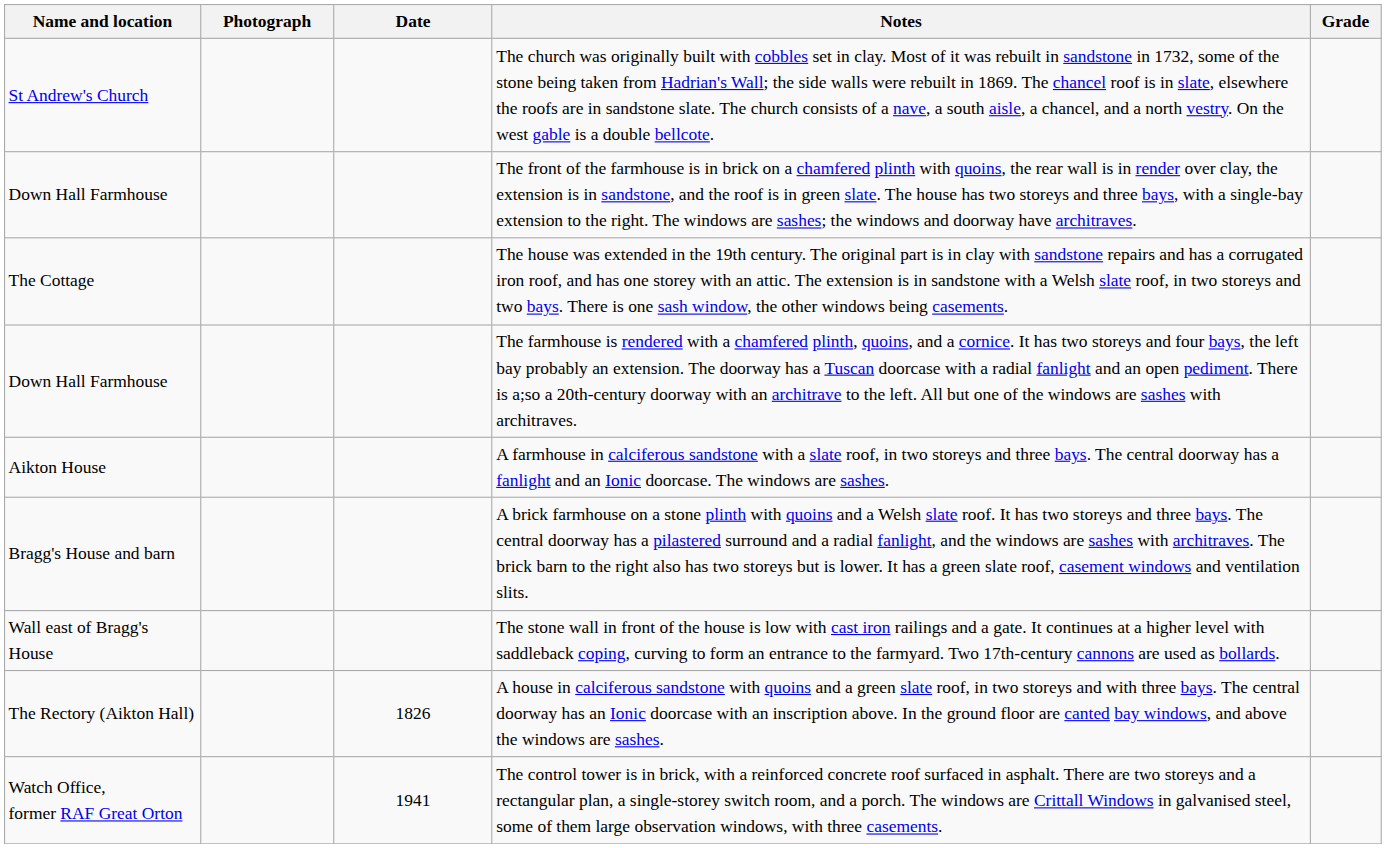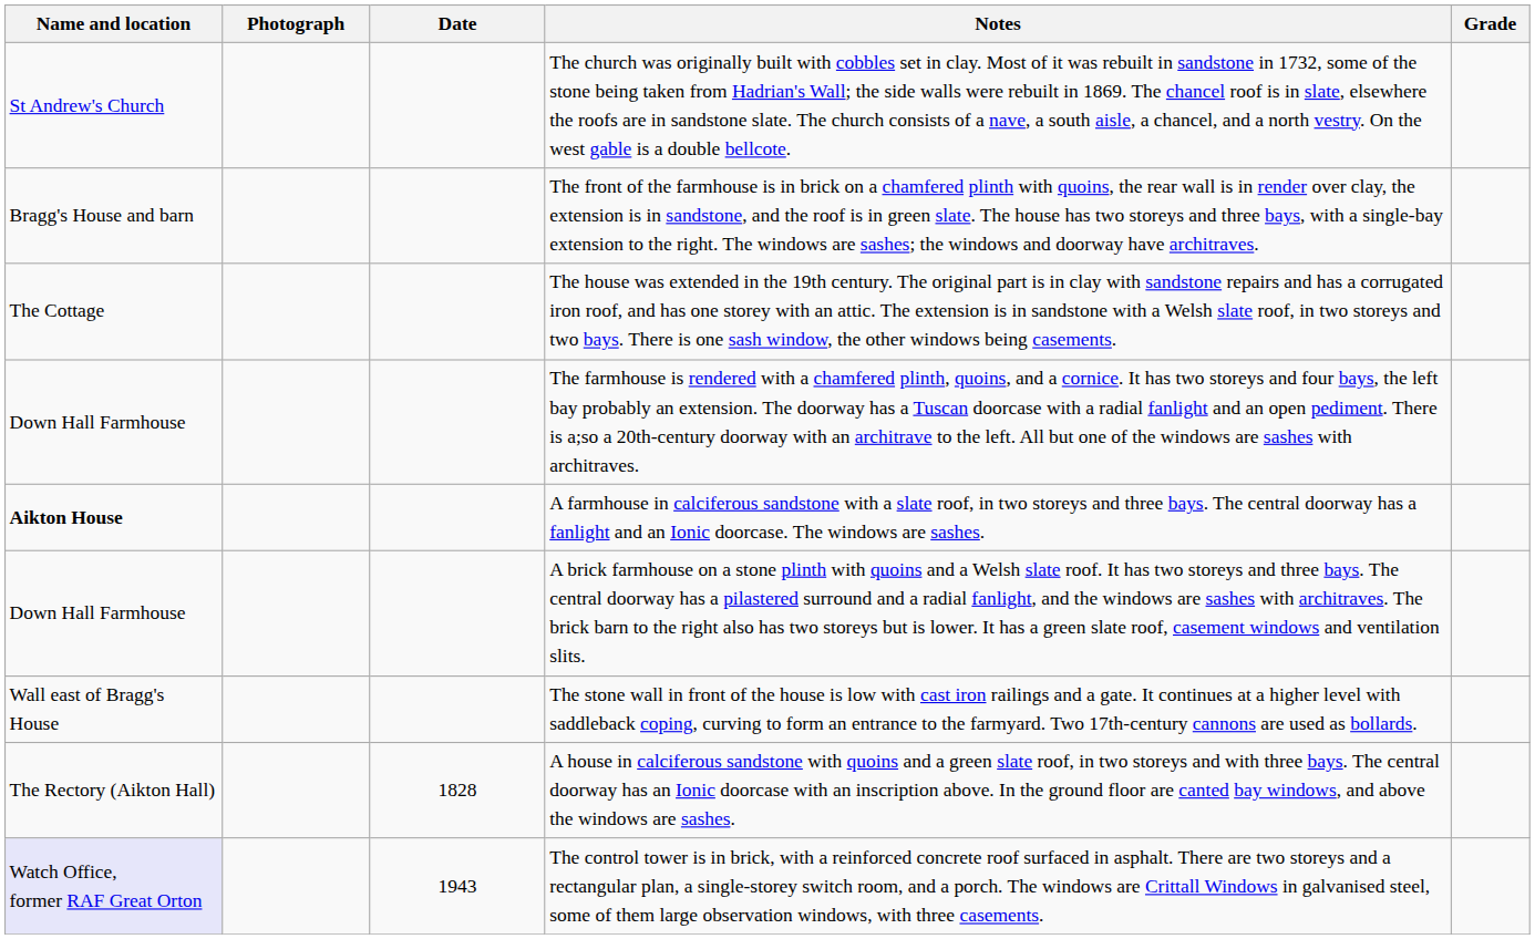 <table class="wikitable sortable plainrowheaders" style="width:100%;border:0px;text-align:left;line-height:150%;">
 <tr>
 <th scope="col"  style="width:150px">Name and location</th>
 <th scope="col"  style="width:100px" class="unsortable">Photograph</th>
 <th scope="col"  style="width:120px">Date</th>
 <th scope="col"  style="width:650px" class="unsortable">Notes</th>
 <th scope="col"  style="width:50px">Grade</th>
 </tr>
 <tr>
 <td><a href='#'>St Andrew's Church</a><br><small></small></td>
 <td></td>
 <td align="center"></td>
 <td>The church was originally built with <a href='#'>cobbles</a> set in clay.  Most of it was rebuilt in <a href='#'>sandstone</a> in 1732, some of the stone being taken from <a href='#'>Hadrian's Wall</a>; the side walls were rebuilt in 1869.  The <a href='#'>chancel</a> roof is in <a href='#'>slate</a>, elsewhere the roofs are in sandstone slate.  The church consists of a <a href='#'>nave</a>, a south <a href='#'>aisle</a>, a chancel, and a north <a href='#'>vestry</a>.  On the west <a href='#'>gable</a> is a double <a href='#'>bellcote</a>.</td>
 <td align="center" ></td>
 </tr>
 <tr>
-<td>Down Hall Farmhouse<br><small></small></td>
+<td>Bragg's House and barn<br><small></small></td>
 <td></td>
 <td align="center"></td>
 <td>The front of the farmhouse is in brick on a <a href='#'>chamfered</a> <a href='#'>plinth</a> with <a href='#'>quoins</a>, the rear wall is in <a href='#'>render</a> over clay, the extension is in <a href='#'>sandstone</a>, and the roof is in green <a href='#'>slate</a>.  The house has two storeys and three <a href='#'>bays</a>, with a single-bay extension to the right.  The windows are <a href='#'>sashes</a>; the windows and doorway have <a href='#'>architraves</a>.</td>
 <td align="center" ></td>
 </tr>
 <tr>
 <td>The Cottage<br><small></small></td>
 <td></td>
 <td align="center"></td>
 <td>The house was extended in the 19th century.  The original part is in clay with <a href='#'>sandstone</a> repairs and has a corrugated iron roof, and has one storey with an attic.  The extension is in sandstone with a Welsh <a href='#'>slate</a> roof, in two storeys and two <a href='#'>bays</a>.  There is one <a href='#'>sash window</a>, the other windows being <a href='#'>casements</a>.</td>
 <td align="center" ></td>
 </tr>
 <tr>
 <td>Down Hall Farmhouse<br><small></small></td>
 <td></td>
 <td align="center"></td>
 <td>The farmhouse is <a href='#'>rendered</a> with a  <a href='#'>chamfered</a> <a href='#'>plinth</a>, <a href='#'>quoins</a>, and a <a href='#'>cornice</a>. It has two storeys and four <a href='#'>bays</a>, the left bay probably an extension.  The doorway has a <a href='#'>Tuscan</a> doorcase with a radial <a href='#'>fanlight</a> and an open <a href='#'>pediment</a>.  There is a;so a 20th-century doorway with an <a href='#'>architrave</a> to the left.  All but one of the windows are <a href='#'>sashes</a> with architraves.</td>
 <td align="center" ></td>
 </tr>
 <tr>
-<td>Aikton House<br><small></small></td>
+<td><strong>Aikton House<br><small></small></strong></td>
 <td></td>
 <td align="center"></td>
 <td>A farmhouse in <a href='#'>calciferous sandstone</a> with a <a href='#'>slate</a> roof, in two storeys and three <a href='#'>bays</a>.  The central doorway has a <a href='#'>fanlight</a> and an <a href='#'>Ionic</a> doorcase.  The windows are <a href='#'>sashes</a>.</td>
 <td align="center" ></td>
 </tr>
 <tr>
-<td>Bragg's House and barn<br><small></small></td>
+<td>Down Hall Farmhouse<br><small></small></td>
 <td></td>
 <td align="center"></td>
 <td>A brick farmhouse on a stone <a href='#'>plinth</a> with <a href='#'>quoins</a> and a Welsh <a href='#'>slate</a> roof.  It has two storeys and three <a href='#'>bays</a>.  The central doorway has a <a href='#'>pilastered</a> surround and a radial <a href='#'>fanlight</a>, and the windows are <a href='#'>sashes</a> with <a href='#'>architraves</a>.  The brick barn to the right also has two storeys but is lower.  It has a green slate roof, <a href='#'>casement windows</a> and ventilation slits.</td>
 <td align="center" ></td>
 </tr>
 <tr>
 <td>Wall east of Bragg's House<br><small></small></td>
 <td></td>
 <td align="center"></td>
 <td>The stone wall in front of the house is low with <a href='#'>cast iron</a> railings and a gate.  It continues at a higher level with saddleback <a href='#'>coping</a>, curving to form an entrance to the farmyard.  Two 17th-century <a href='#'>cannons</a> are used as <a href='#'>bollards</a>.</td>
 <td align="center" ></td>
 </tr>
 <tr>
 <td>The Rectory (Aikton Hall)<br><small></small></td>
 <td></td>
-<td align="center">1826</td>
+<td align="center">1828</td>
 <td>A house in <a href='#'>calciferous sandstone</a> with <a href='#'>quoins</a> and a green <a href='#'>slate</a> roof, in two storeys and with three <a href='#'>bays</a>.  The central doorway has an <a href='#'>Ionic</a> doorcase with an inscription above.  In the ground floor are <a href='#'>canted</a> <a href='#'>bay windows</a>, and above the windows are <a href='#'>sashes</a>.</td>
 <td align="center" ></td>
 </tr>
 <tr>
-<td>Watch Office,<br>former <a href='#'>RAF Great Orton</a><br><small></small></td>
+<td style="background: lavender;">Watch Office,<br>former <a href='#'>RAF Great Orton</a><br><small></small></td>
 <td></td>
-<td align="center">1941</td>
+<td align="center">1943</td>
 <td>The control tower is in brick, with a reinforced concrete roof surfaced in asphalt.  There are two storeys and a rectangular plan, a single-storey switch room, and a porch.  The windows are <a href='#'>Crittall Windows</a> in galvanised steel, some of them large observation windows, with three <a href='#'>casements</a>.</td>
 <td align="center" ></td>
 </tr>
 <tr>
 </tr>
 </table>
